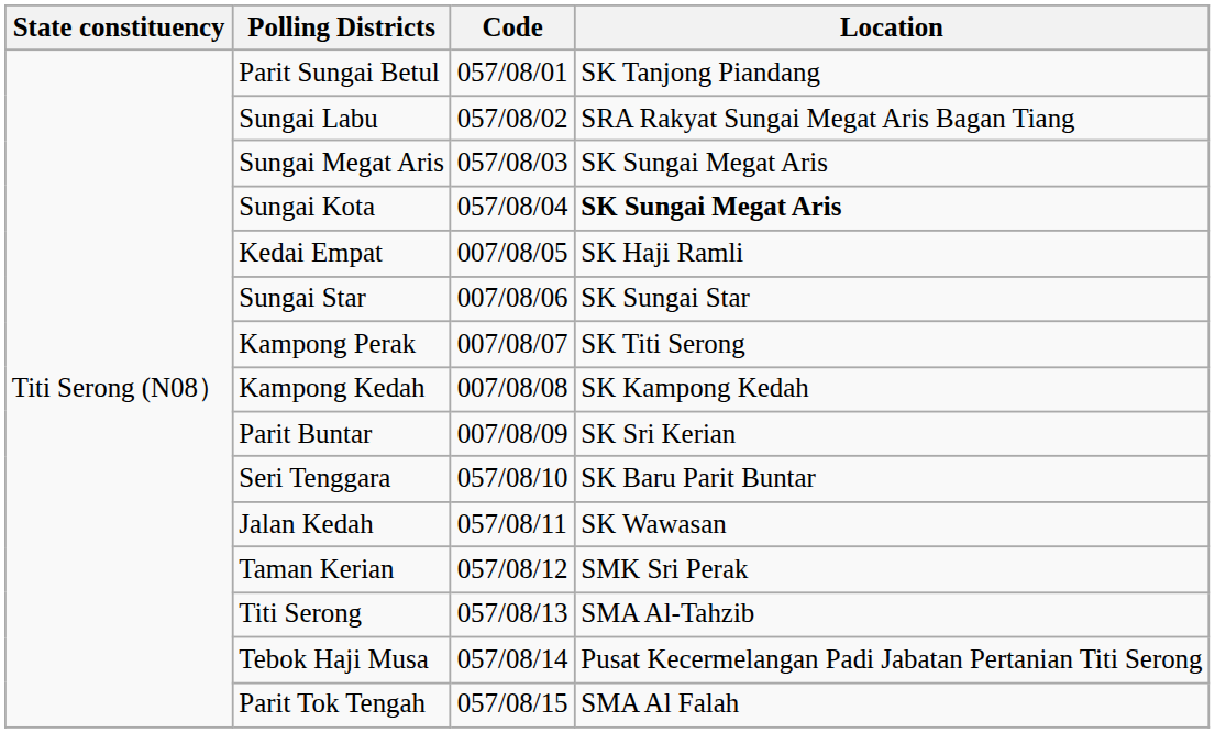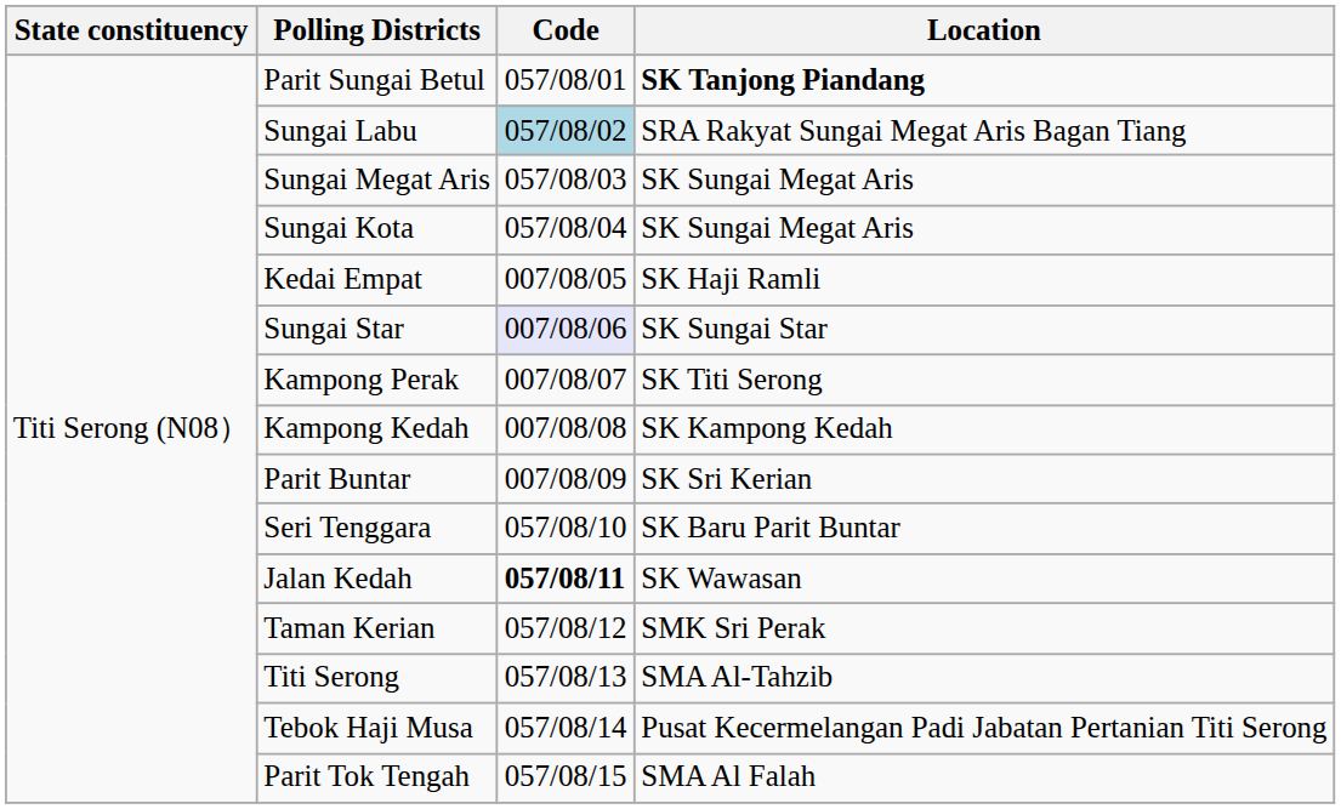 <table class="wikitable sortable mw-collapsible" style="white-space:nowrap;font-size:85%">
 <tr>
 <th>State constituency</th>
 <th>Polling Districts</th>
 <th>Code</th>
 <th>Location</th>
 </tr>
 <tr>
 <td rowspan="15">Titi Serong (N08）</td>
 <td>Parit Sungai Betul</td>
 <td>057/08/01</td>
-<td>SK Tanjong Piandang</td>
+<td><strong>SK Tanjong Piandang</strong></td>
 </tr>
 <tr>
 <td>Sungai Labu</td>
-<td>057/08/02</td>
+<td style="background: lightblue;">057/08/02</td>
 <td>SRA Rakyat Sungai Megat Aris Bagan Tiang</td>
 </tr>
 <tr>
 <td>Sungai Megat Aris</td>
 <td>057/08/03</td>
 <td>SK Sungai Megat Aris</td>
 </tr>
 <tr>
 <td>Sungai Kota</td>
 <td>057/08/04</td>
-<td><strong>SK Sungai Megat Aris</strong></td>
+<td>SK Sungai Megat Aris</td>
 </tr>
 <tr>
 <td>Kedai Empat</td>
 <td>007/08/05</td>
 <td>SK Haji Ramli</td>
 </tr>
 <tr>
 <td>Sungai Star</td>
-<td>007/08/06</td>
+<td style="background: lavender;">007/08/06</td>
 <td>SK Sungai Star</td>
 </tr>
 <tr>
 <td>Kampong Perak</td>
 <td>007/08/07</td>
 <td>SK Titi Serong</td>
 </tr>
 <tr>
 <td>Kampong Kedah</td>
 <td>007/08/08</td>
 <td>SK Kampong Kedah</td>
 </tr>
 <tr>
 <td>Parit Buntar</td>
 <td>007/08/09</td>
 <td>SK Sri Kerian</td>
 </tr>
 <tr>
 <td>Seri Tenggara</td>
 <td>057/08/10</td>
 <td>SK Baru Parit Buntar</td>
 </tr>
 <tr>
 <td>Jalan Kedah</td>
-<td>057/08/11</td>
+<td><strong>057/08/11</strong></td>
 <td>SK Wawasan</td>
 </tr>
 <tr>
 <td>Taman Kerian</td>
 <td>057/08/12</td>
 <td>SMK Sri Perak</td>
 </tr>
 <tr>
 <td>Titi Serong</td>
 <td>057/08/13</td>
 <td>SMA Al-Tahzib</td>
 </tr>
 <tr>
 <td>Tebok Haji Musa</td>
 <td>057/08/14</td>
 <td>Pusat Kecermelangan Padi Jabatan Pertanian Titi Serong</td>
 </tr>
 <tr>
 <td>Parit Tok Tengah</td>
 <td>057/08/15</td>
 <td>SMA Al Falah</td>
 </tr>
 </table>
